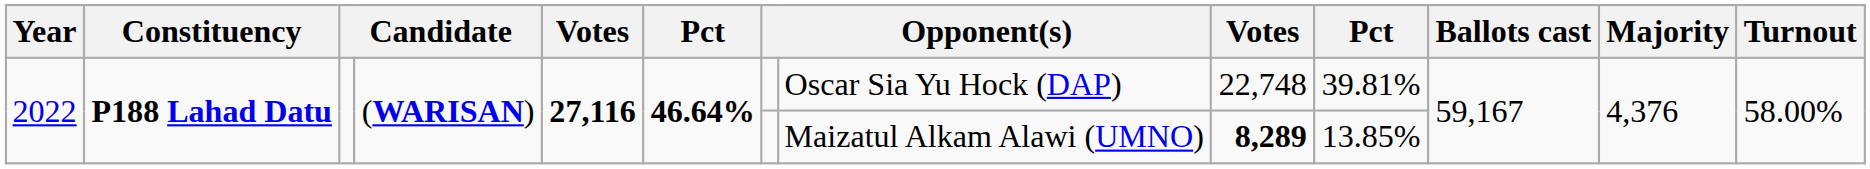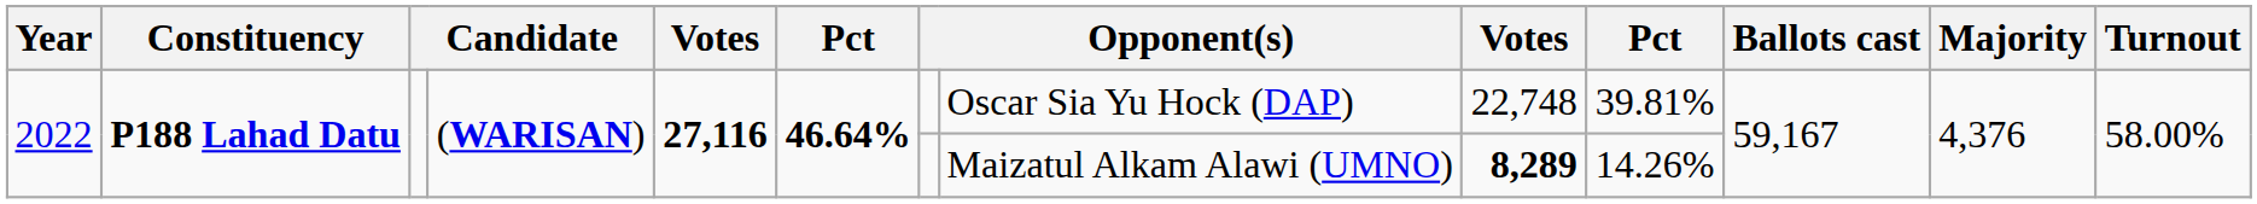 <table class="wikitable" style="margin:0.5em ; font-size:95%">
 <tr>
 <th>Year</th>
 <th>Constituency</th>
 <th colspan=2>Candidate</th>
 <th>Votes</th>
 <th>Pct</th>
 <th colspan=2>Opponent(s)</th>
 <th>Votes</th>
 <th>Pct</th>
 <th>Ballots cast</th>
 <th>Majority</th>
 <th>Turnout</th>
 </tr>
 <tr>
 <td rowspan=2><a href='#'>2022</a></td>
 <td rowspan=2><strong>P188 <a href='#'>Lahad Datu</a></strong></td>
 <td rowspan=2 ></td>
 <td rowspan=2> (<strong><a href='#'>WARISAN</a></strong>)</td>
 <td rowspan=2 align="right"><strong>27,116</strong></td>
 <td rowspan=2><strong>46.64%</strong></td>
 <td></td>
 <td>Oscar Sia Yu Hock (<a href='#'>DAP</a>)</td>
 <td align="right">22,748</td>
 <td>39.81%</td>
 <td rowspan=2>59,167</td>
 <td rowspan=2>4,376</td>
 <td rowspan=2>58.00%</td>
 </tr>
 <tr>
 <td></td>
 <td>Maizatul Alkam Alawi (<a href='#'>UMNO</a>)</td>
 <td align="right"><strong>8,289</strong></td>
-<td>13.85%</td>
+<td>14.26%</td>
 </tr>
 </table>
